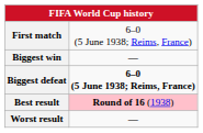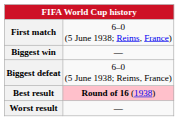 <table class="wikitable collapsible collapsed" style="text-align: center;font-size:90%;">
 <tr>
 <th colspan=6 style="background: #CE1126; color: #FFFFFF;">FIFA World Cup history</th>
 </tr>
 <tr>
 <th style="text-align: center;">First match</th>
 <td style="text-align:center;"> 6–0 <br>(5 June 1938; <a href='#'>Reims</a>, <a href='#'>France</a>)</td>
 </tr>
 <tr>
 <th style="text-align: center;">Biggest win</th>
 <td style="text-align:center;">—</td>
 </tr>
 <tr>
 <th style="text-align: center;">Biggest defeat</th>
-<td style="text-align:center;"><strong> 6–0 <br>(5 June 1938; Reims, France)</strong></td>
+<td style="text-align:center;"> 6–0 <br>(5 June 1938; Reims, France)</td>
 </tr>
 <tr>
 <th style="text-align: center;">Best result</th>
 <td style="background: pink; text-align:center;"><strong>Round of 16</strong> (<a href='#'>1938</a>)</td>
 </tr>
 <tr>
 <th style="text-align: center;">Worst result</th>
 <td style="text-align:center;">—</td>
 </tr>
 </table>
